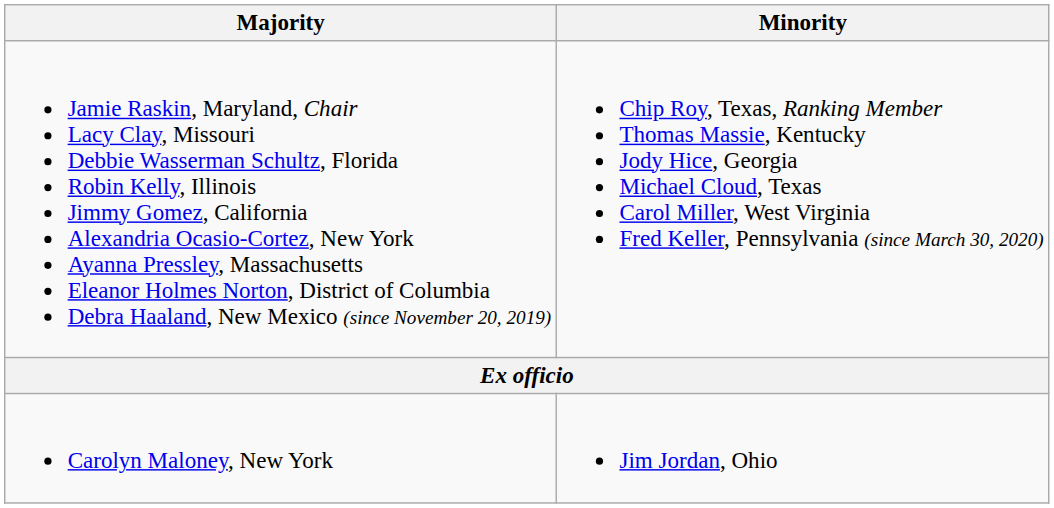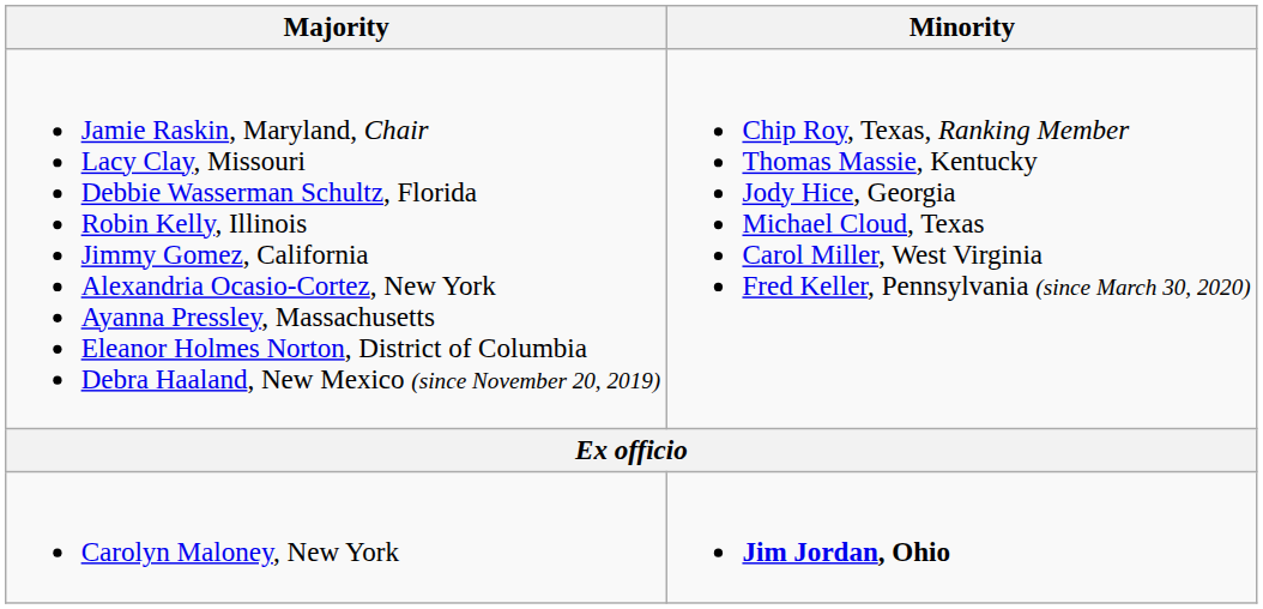 <table class=wikitable>
 <tr>
 <th>Majority</th>
 <th>Minority</th>
 </tr>
 <tr valign=top>
 <td><br><ul><li><a href='#'>Jamie Raskin</a>, Maryland, <em>Chair</em></li><li><a href='#'>Lacy Clay</a>, Missouri</li><li><a href='#'>Debbie Wasserman Schultz</a>, Florida</li><li><a href='#'>Robin Kelly</a>, Illinois</li><li><a href='#'>Jimmy Gomez</a>, California</li><li><a href='#'>Alexandria Ocasio-Cortez</a>, New York</li><li><a href='#'>Ayanna Pressley</a>, Massachusetts</li><li><a href='#'>Eleanor Holmes Norton</a>, District of Columbia</li><li><a href='#'>Debra Haaland</a>, New Mexico <small><em>(since November 20, 2019)</em></small></li></ul></td>
 <td><br><ul><li><a href='#'>Chip Roy</a>, Texas, <em>Ranking Member</em></li><li><a href='#'>Thomas Massie</a>, Kentucky</li><li><a href='#'>Jody Hice</a>, Georgia</li><li><a href='#'>Michael Cloud</a>, Texas</li><li><a href='#'>Carol Miller</a>, West Virginia</li><li><a href='#'>Fred Keller</a>, Pennsylvania <small><em>(since March 30, 2020)</em></small></li></ul></td>
 </tr>
 <tr>
 <th colspan=2><em>Ex officio</em></th>
 </tr>
 <tr>
 <td><br><ul><li><a href='#'>Carolyn Maloney</a>, New York</li></ul></td>
-<td><br><ul><li><a href='#'>Jim Jordan</a>, Ohio</li></ul></td>
+<td><strong><br><ul><li><a href='#'>Jim Jordan</a>, Ohio</li></ul></strong></td>
 </tr>
 </table>
